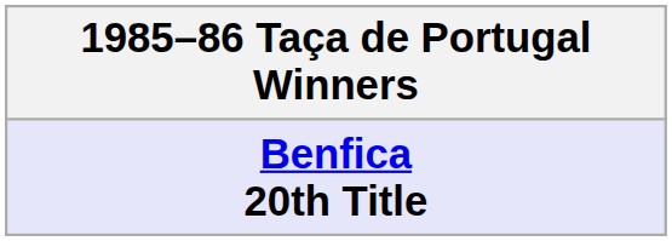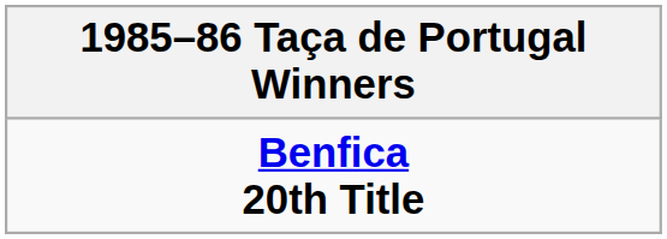 <table class="wikitable" style="text-align: center; margin: 0 auto; width: 20%">
 <tr>
 <th>1985–86 Taça de Portugal Winners</th>
 </tr>
 <tr>
-<td style="background: lavender;"><strong><a href='#'>Benfica</a></strong><br><strong>20th Title</strong></td>
+<td><strong><a href='#'>Benfica</a></strong><br><strong>20th Title</strong></td>
 </tr>
 </table>
